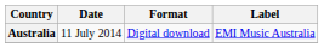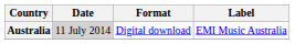 <table class="wikitable plainrowheaders">
 <tr>
 <th scope="col">Country</th>
 <th scope="col">Date</th>
 <th scope="col">Format</th>
 <th scope="col">Label</th>
 </tr>
 <tr>
 <th scope="row">Australia</th>
-<td>11 July 2014</td>
+<td style="background: lightgrey;">11 July 2014</td>
 <td><a href='#'>Digital download</a></td>
 <td><a href='#'>EMI Music Australia</a></td>
 </tr>
 <tr>
 </tr>
 </table>
